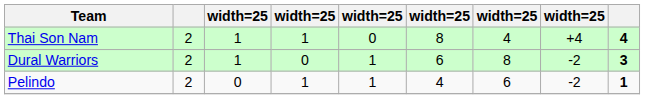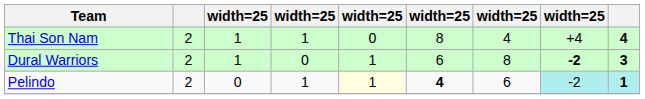 <table class="wikitable" style="text-align: center; font-size: 90%;">
 <tr>
 <th width="165">Team</th>
 <th width=25></th>
 <th>width=25</th>
 <th>width=25</th>
 <th>width=25</th>
 <th>width=25</th>
 <th>width=25</th>
 <th>width=25</th>
 <th width=25></th>
 </tr>
 <tr align=center bgcolor="ccffcc">
 <td style="text-align:left;"> <a href='#'>Thai Son Nam</a></td>
 <td>2</td>
 <td>1</td>
 <td>1</td>
 <td>0</td>
 <td>8</td>
 <td>4</td>
 <td>+4</td>
 <td><strong>4</strong></td>
 </tr>
 <tr align=center bgcolor="ccffcc">
 <td style="text-align:left;"> <a href='#'>Dural Warriors</a></td>
 <td>2</td>
 <td>1</td>
 <td>0</td>
 <td>1</td>
 <td>6</td>
 <td>8</td>
-<td>-2</td>
+<td><strong>-2</strong></td>
 <td><strong>3</strong></td>
 </tr>
 <tr>
 <td style="text-align:left;"> <a href='#'>Pelindo</a></td>
 <td>2</td>
 <td>0</td>
 <td>1</td>
-<td>1</td>
-<td>4</td>
+<td style="background: lightyellow;">1</td>
+<td><strong>4</strong></td>
 <td>6</td>
-<td>-2</td>
-<td><strong>1</strong></td>
+<td style="background: paleturquoise;">-2</td>
+<td style="background: paleturquoise;"><strong>1</strong></td>
 </tr>
 <tr>
 </tr>
 </table>
